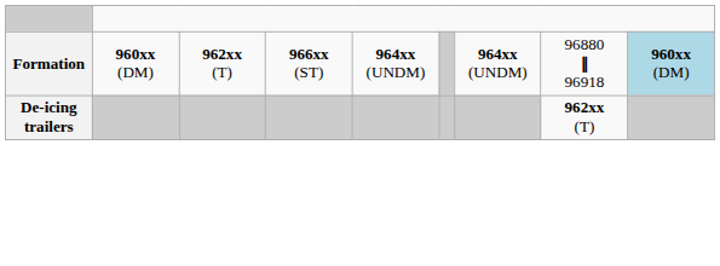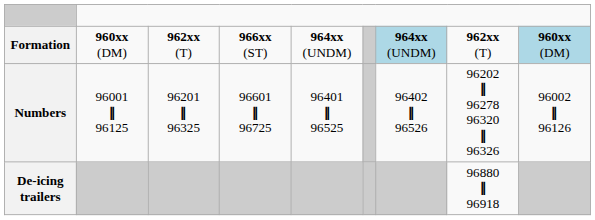 <table class="wikitable" style="text-align:center; font-size:90%;">
 <tr>
 <th style="background-color:#ccc;"> </th>
 <td colspan="8"></td>
 </tr>
 <tr style="border-top:solid 4px #">
 <th style="width:5em">Formation</th>
 <td style="width:5em"><strong>960xx</strong><br>(DM)</td>
 <td style="width:5em"><strong>962xx</strong><br>(T)</td>
 <td style="width:5em"><strong>966xx</strong><br>(ST)</td>
 <td style="width:5em"><strong>964xx</strong><br>(UNDM)</td>
 <th style="width:0.5em; background-color:#ccc;"></th>
-<td style="width:5em"><strong>964xx</strong><br>(UNDM)</td>
-<td>96880<br><strong>∥</strong><br>96918</td>
+<td style="background: lightblue; width:5em"><strong>964xx</strong><br>(UNDM)</td>
+<td style="width:5em"><strong>962xx</strong><br>(T)</td>
 <td style="background: lightblue; width:5em"><strong>960xx</strong><br>(DM)</td>
+</tr>
+<tr>
+<th>Numbers</th>
+<td align="center">96001<br><strong>∥</strong><br>96125</td>
+<td align="center">96201<br><strong>∥</strong><br>96325</td>
+<td align="center">96601<br><strong>∥</strong><br>96725</td>
+<td align="center">96401<br><strong>∥</strong><br>96525</td>
+<th style="background-color:#ccc;"></th>
+<td align="center">96402<br><strong>∥</strong><br>96526</td>
+<td align="center">96202<br><strong>∥</strong><br>96278<br>96320<br><strong>∥</strong><br>96326</td>
+<td align="center">96002<br><strong>∥</strong><br>96126</td>
 </tr>
 <tr>
 <th>De-icing trailers</th>
 <th style="background-color:#ccc;"></th>
 <th style="background-color:#ccc;"></th>
 <th style="background-color:#ccc;"></th>
 <th style="background-color:#ccc;"></th>
 <th style="background-color:#ccc;"></th>
 <th style="background-color:#ccc;"></th>
-<td style="width:5em"><strong>962xx</strong><br>(T)</td>
+<td>96880<br><strong>∥</strong><br>96918</td>
 <th style="background-color:#ccc;"></th>
 </tr>
 </table>
